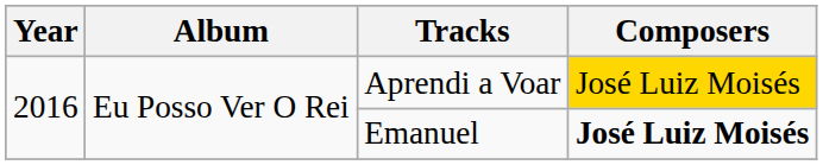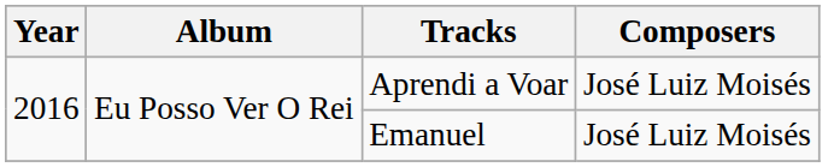 <table class="wikitable">
 <tr>
 <th>Year</th>
 <th>Album</th>
 <th>Tracks</th>
 <th>Composers</th>
 </tr>
 <tr>
 <td rowspan="2">2016</td>
 <td rowspan="2">Eu Posso Ver O Rei</td>
 <td>Aprendi a Voar</td>
-<td style="background: gold;">José Luiz Moisés</td>
+<td>José Luiz Moisés</td>
 </tr>
 <tr>
 <td>Emanuel</td>
-<td><strong>José Luiz Moisés</strong></td>
+<td>José Luiz Moisés</td>
 </tr>
 </table>
